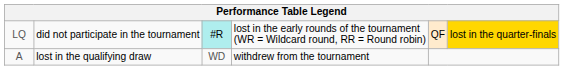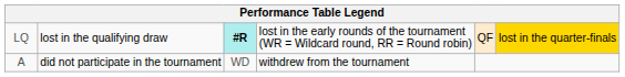 <table class="wikitable" style="font-size:78%;">
 <tr bgcolor="#efefef">
 <th colspan="6">Performance Table Legend</th>
 </tr>
 <tr>
 <td align="center" style="color:#555555;" width="30">LQ</td>
-<td>did not participate in the tournament</td>
-<td align="center" style="background:#afeeee;">#R</td>
+<td>lost in the qualifying draw</td>
+<td align="center" style="background:#afeeee;"><strong>#R</strong></td>
 <td>lost in the early rounds of the tournament<br>(WR = Wildcard round, RR = Round robin)</td>
 <td align="center" style="background:#ffebcd;">QF</td>
 <td style="background: gold;">lost in the quarter-finals</td>
 </tr>
 <tr>
 <td align="center" style="color:#555555;" width="30">A</td>
-<td>lost in the qualifying draw</td>
+<td>did not participate in the tournament</td>
 <td align="center" style="color:#555555;" width="30">WD</td>
 <td>withdrew from the tournament</td>
 </tr>
 </table>
